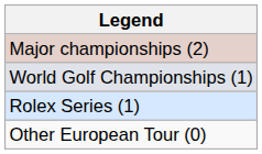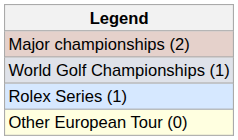 <table class="wikitable" style="font-size:95%;">
 <tr>
 <th>Legend</th>
 </tr>
 <tr style="background:#e5d1cb;">
 <td>Major championships (2)</td>
 </tr>
 <tr style="background:#dfe2e9;">
 <td>World Golf Championships (1)</td>
 </tr>
 <tr style="background:#D6E8FF;">
 <td>Rolex Series (1)</td>
 </tr>
 <tr>
-<td>Other European Tour (0)</td>
+<td style="background: lightyellow;">Other European Tour (0)</td>
 </tr>
 </table>
